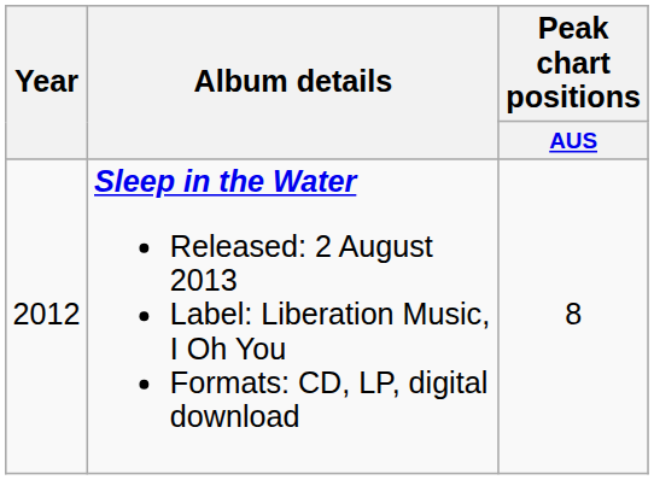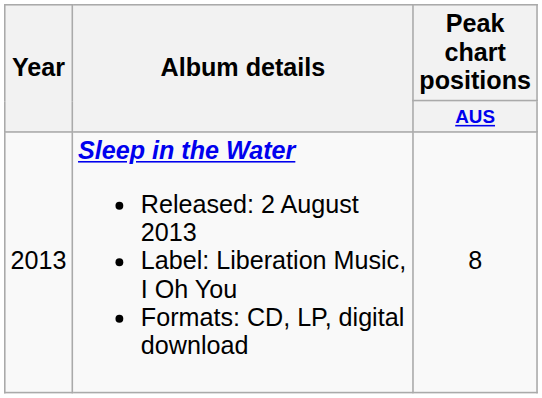 <table class="wikitable" style="text-align:center;">
 <tr>
 <th rowspan="2">Year</th>
 <th width="210" rowspan="2">Album details</th>
 <th colspan="1">Peak chart positions</th>
 </tr>
 <tr>
 <th style="width:3em;font-size:75%;"><a href='#'>AUS</a><br></th>
 </tr>
 <tr>
-<td>2012</td>
+<td>2013</td>
 <td align="left"><strong><em><a href='#'>Sleep in the Water</a></em></strong><br><ul><li>Released: 2 August 2013</li><li>Label: Liberation Music, I Oh You</li><li>Formats: CD, LP, digital download</li></ul></td>
 <td>8</td>
 </tr>
 </table>
